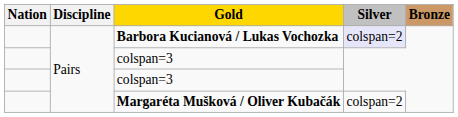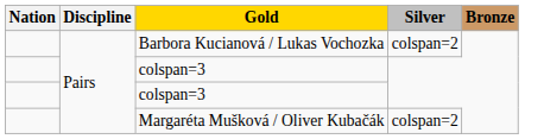 <table class="wikitable">
 <tr>
 <th>Nation</th>
 <th>Discipline</th>
 <td align=center bgcolor=gold><strong>Gold</strong></td>
 <td align=center bgcolor=silver><strong>Silver</strong></td>
 <td align=center bgcolor=cc9966><strong>Bronze</strong></td>
 </tr>
 <tr>
 <td><strong></strong></td>
 <td rowspan=4>Pairs</td>
-<td><strong>Barbora Kucianová / Lukas Vochozka</strong></td>
-<td style="background: lavender;">colspan=2 </td>
+<td>Barbora Kucianová / Lukas Vochozka</td>
+<td>colspan=2 </td>
 </tr>
 <tr>
 <td><strong></strong></td>
 <td>colspan=3 </td>
 </tr>
 <tr>
 <td><strong></strong></td>
 <td>colspan=3 </td>
 </tr>
 <tr>
 <td><strong></strong></td>
-<td><strong>Margaréta Mušková / Oliver Kubačák</strong></td>
+<td>Margaréta Mušková / Oliver Kubačák</td>
 <td>colspan=2 </td>
 </tr>
 </table>
